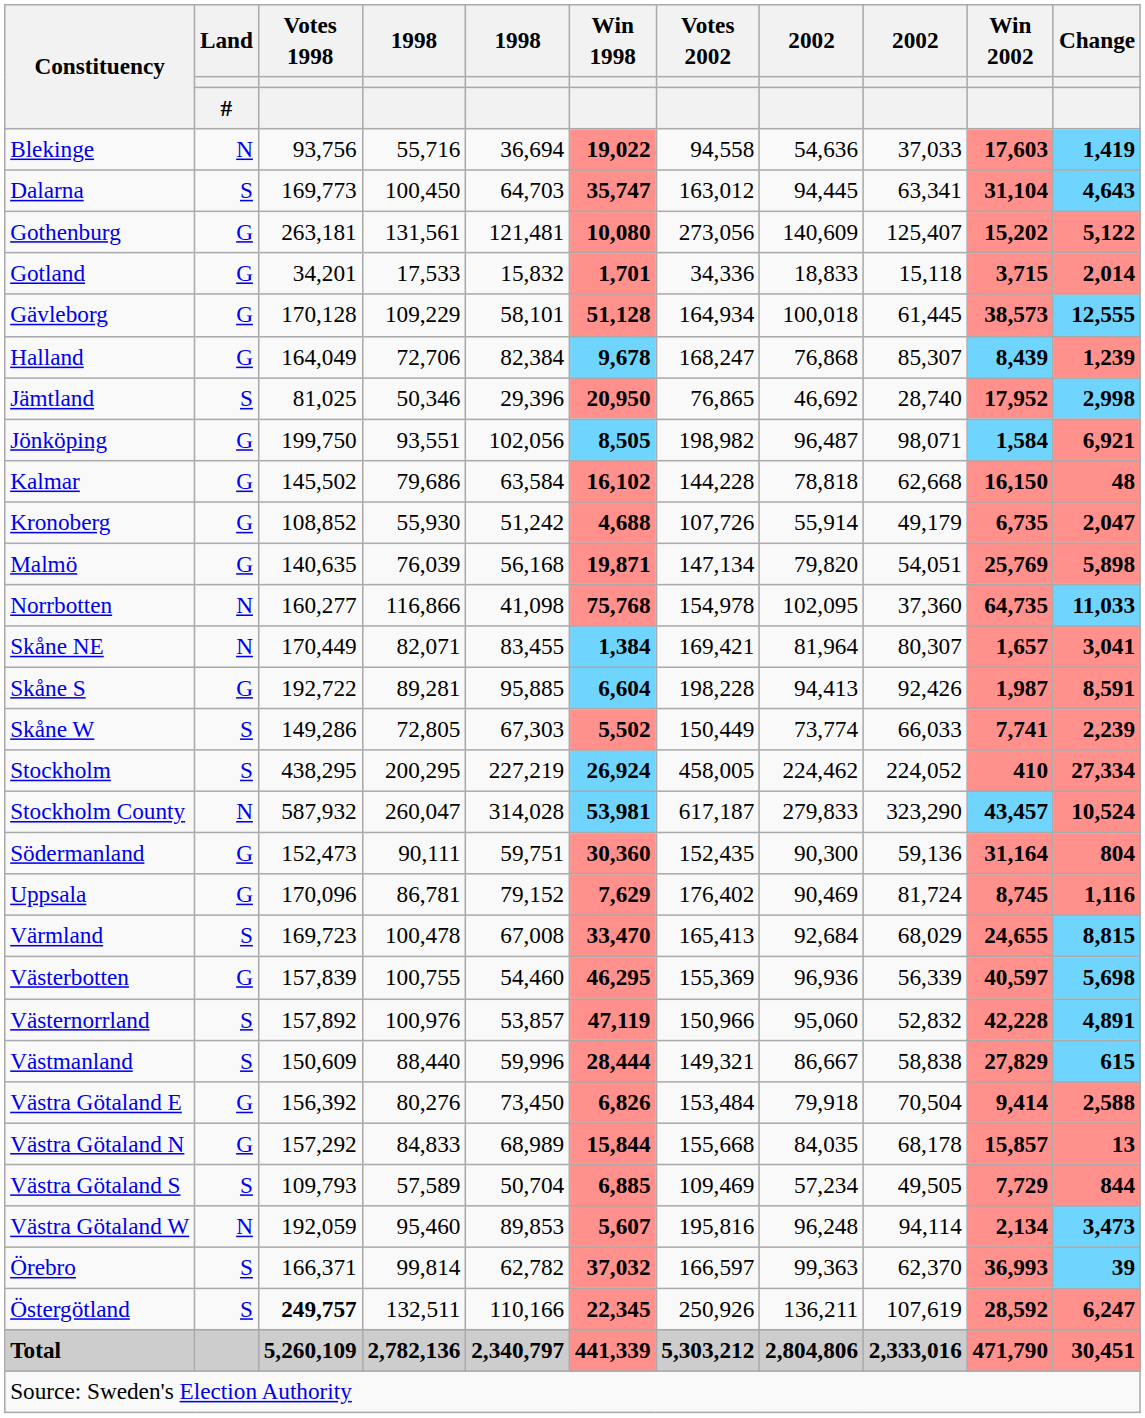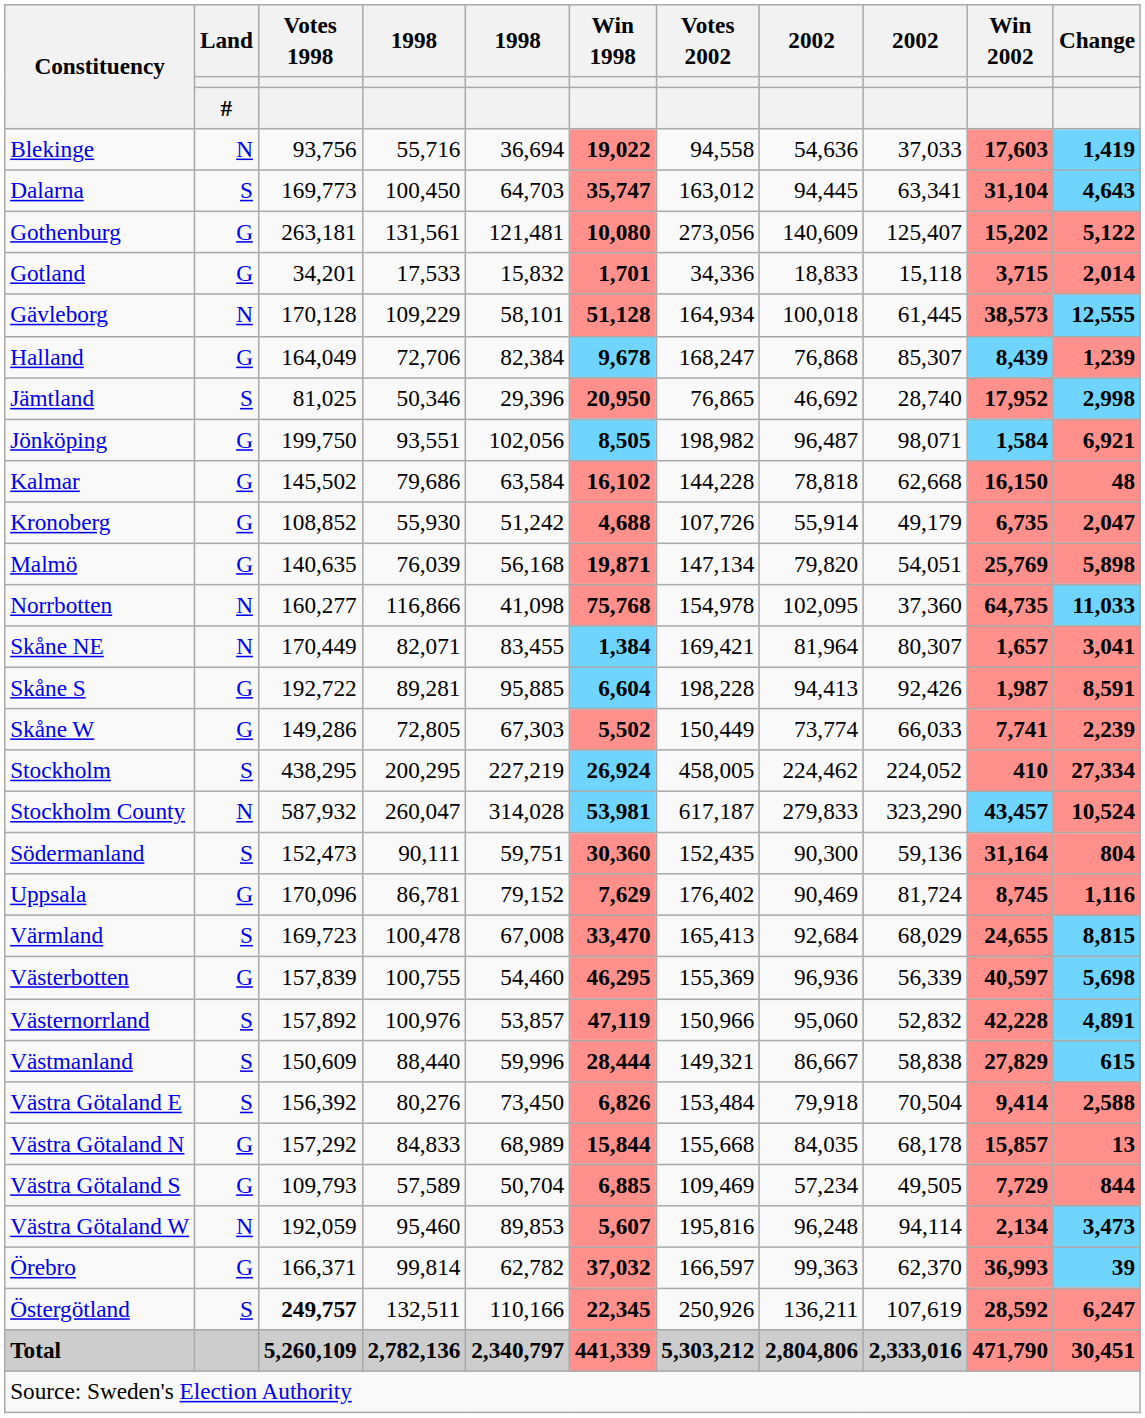 <table class="wikitable sortable" style="text-align:right; font-size:95%; line-height:20px;">
 <tr>
 <th rowspan="3">Constituency</th>
 <th>Land</th>
 <th width="30px" class="unsortable">Votes 1998</th>
 <th> 1998</th>
 <th> 1998</th>
 <th width="30px" class="unsortable">Win 1998</th>
 <th width="30px" class="unsortable">Votes 2002</th>
 <th> 2002</th>
 <th> 2002</th>
 <th width="30px" class="unsortable">Win 2002</th>
 <th width="30px" class="unsortable">Change</th>
 </tr>
 <tr>
 <th></th>
 <th></th>
 <th style="background:"></th>
 <th style="background:"></th>
 <th></th>
 <th></th>
 <th style="background:"></th>
 <th style="background:"></th>
 <th></th>
 <th></th>
 </tr>
 <tr>
 <th data-sort-type="number">#</th>
 <th data-sort-type="number"></th>
 <th data-sort-type="number"></th>
 <th data-sort-type="number"></th>
 <th data-sort-type="number"></th>
 <th data-sort-type="number"></th>
 <th data-sort-type="number"></th>
 <th data-sort-type="number"></th>
 <th data-sort-type="number"></th>
 <th data-sort-type="number"></th>
 </tr>
 <tr>
 <td align="left"><a href='#'>Blekinge</a></td>
 <td><a href='#'>N</a></td>
 <td>93,756</td>
 <td>55,716</td>
 <td>36,694</td>
 <td bgcolor=#ff908c><strong>19,022</strong></td>
 <td>94,558</td>
 <td>54,636</td>
 <td>37,033</td>
 <td bgcolor=#ff908c><strong>17,603</strong></td>
 <td bgcolor=#6fd5fe><strong>1,419</strong></td>
 </tr>
 <tr>
 <td align="left"><a href='#'>Dalarna</a></td>
 <td><a href='#'>S</a></td>
 <td>169,773</td>
 <td>100,450</td>
 <td>64,703</td>
 <td bgcolor=#ff908c><strong>35,747</strong></td>
 <td>163,012</td>
 <td>94,445</td>
 <td>63,341</td>
 <td bgcolor=#ff908c><strong>31,104</strong></td>
 <td bgcolor=#6fd5fe><strong>4,643</strong></td>
 </tr>
 <tr>
 <td align="left"><a href='#'>Gothenburg</a></td>
 <td><a href='#'>G</a></td>
 <td>263,181</td>
 <td>131,561</td>
 <td>121,481</td>
 <td bgcolor=#ff908c><strong>10,080</strong></td>
 <td>273,056</td>
 <td>140,609</td>
 <td>125,407</td>
 <td bgcolor=#ff908c><strong>15,202</strong></td>
 <td bgcolor=#ff908c><strong>5,122</strong></td>
 </tr>
 <tr>
 <td align="left"><a href='#'>Gotland</a></td>
 <td><a href='#'>G</a></td>
 <td>34,201</td>
 <td>17,533</td>
 <td>15,832</td>
 <td bgcolor=#ff908c><strong>1,701</strong></td>
 <td>34,336</td>
 <td>18,833</td>
 <td>15,118</td>
 <td bgcolor=#ff908c><strong>3,715</strong></td>
 <td bgcolor=#ff908c><strong>2,014</strong></td>
 </tr>
 <tr>
 <td align="left"><a href='#'>Gävleborg</a></td>
-<td><a href='#'>G</a></td>
+<td><a href='#'>N</a></td>
 <td>170,128</td>
 <td>109,229</td>
 <td>58,101</td>
 <td bgcolor=#ff908c><strong>51,128</strong></td>
 <td>164,934</td>
 <td>100,018</td>
 <td>61,445</td>
 <td bgcolor=#ff908c><strong>38,573</strong></td>
 <td bgcolor=#6fd5fe><strong>12,555</strong></td>
 </tr>
 <tr>
 <td align="left"><a href='#'>Halland</a></td>
 <td><a href='#'>G</a></td>
 <td>164,049</td>
 <td>72,706</td>
 <td>82,384</td>
 <td bgcolor=#6fd5fe><strong>9,678</strong></td>
 <td>168,247</td>
 <td>76,868</td>
 <td>85,307</td>
 <td bgcolor=#6fd5fe><strong>8,439</strong></td>
 <td bgcolor=#ff908c><strong>1,239</strong></td>
 </tr>
 <tr>
 <td align="left"><a href='#'>Jämtland</a></td>
 <td><a href='#'>S</a></td>
 <td>81,025</td>
 <td>50,346</td>
 <td>29,396</td>
 <td bgcolor=#ff908c><strong>20,950</strong></td>
 <td>76,865</td>
 <td>46,692</td>
 <td>28,740</td>
 <td bgcolor=#ff908c><strong>17,952</strong></td>
 <td bgcolor=#6fd5fe><strong>2,998</strong></td>
 </tr>
 <tr>
 <td align="left"><a href='#'>Jönköping</a></td>
 <td><a href='#'>G</a></td>
 <td>199,750</td>
 <td>93,551</td>
 <td>102,056</td>
 <td bgcolor=#6fd5fe><strong>8,505</strong></td>
 <td>198,982</td>
 <td>96,487</td>
 <td>98,071</td>
 <td bgcolor=#6fd5fe><strong>1,584</strong></td>
 <td bgcolor=#ff908c><strong>6,921</strong></td>
 </tr>
 <tr>
 <td align="left"><a href='#'>Kalmar</a></td>
 <td><a href='#'>G</a></td>
 <td>145,502</td>
 <td>79,686</td>
 <td>63,584</td>
 <td bgcolor=#ff908c><strong>16,102</strong></td>
 <td>144,228</td>
 <td>78,818</td>
 <td>62,668</td>
 <td bgcolor=#ff908c><strong>16,150</strong></td>
 <td bgcolor=#ff908c><strong>48</strong></td>
 </tr>
 <tr>
 <td align="left"><a href='#'>Kronoberg</a></td>
 <td><a href='#'>G</a></td>
 <td>108,852</td>
 <td>55,930</td>
 <td>51,242</td>
 <td bgcolor=#ff908c><strong>4,688</strong></td>
 <td>107,726</td>
 <td>55,914</td>
 <td>49,179</td>
 <td bgcolor=#ff908c><strong>6,735</strong></td>
 <td bgcolor=#ff908c><strong>2,047</strong></td>
 </tr>
 <tr>
 <td align="left"><a href='#'>Malmö</a></td>
 <td><a href='#'>G</a></td>
 <td>140,635</td>
 <td>76,039</td>
 <td>56,168</td>
 <td bgcolor=#ff908c><strong>19,871</strong></td>
 <td>147,134</td>
 <td>79,820</td>
 <td>54,051</td>
 <td bgcolor=#ff908c><strong>25,769</strong></td>
 <td bgcolor=#ff908c><strong>5,898</strong></td>
 </tr>
 <tr>
 <td align="left"><a href='#'>Norrbotten</a></td>
 <td><a href='#'>N</a></td>
 <td>160,277</td>
 <td>116,866</td>
 <td>41,098</td>
 <td bgcolor=#ff908c><strong>75,768</strong></td>
 <td>154,978</td>
 <td>102,095</td>
 <td>37,360</td>
 <td bgcolor=#ff908c><strong>64,735</strong></td>
 <td bgcolor=#6fd5fe><strong>11,033</strong></td>
 </tr>
 <tr>
 <td align="left"><a href='#'>Skåne NE</a></td>
 <td><a href='#'>N</a></td>
 <td>170,449</td>
 <td>82,071</td>
 <td>83,455</td>
 <td bgcolor=#6fd5fe><strong>1,384</strong></td>
 <td>169,421</td>
 <td>81,964</td>
 <td>80,307</td>
 <td bgcolor=#ff908c><strong>1,657</strong></td>
 <td bgcolor=#ff908c><strong>3,041</strong></td>
 </tr>
 <tr>
 <td align="left"><a href='#'>Skåne S</a></td>
 <td><a href='#'>G</a></td>
 <td>192,722</td>
 <td>89,281</td>
 <td>95,885</td>
 <td bgcolor=#6fd5fe><strong>6,604</strong></td>
 <td>198,228</td>
 <td>94,413</td>
 <td>92,426</td>
 <td bgcolor=#ff908c><strong>1,987</strong></td>
 <td bgcolor=#ff908c><strong>8,591</strong></td>
 </tr>
 <tr>
 <td align="left"><a href='#'>Skåne W</a></td>
-<td><a href='#'>S</a></td>
+<td><a href='#'>G</a></td>
 <td>149,286</td>
 <td>72,805</td>
 <td>67,303</td>
 <td bgcolor=#ff908c><strong>5,502</strong></td>
 <td>150,449</td>
 <td>73,774</td>
 <td>66,033</td>
 <td bgcolor=#ff908c><strong>7,741</strong></td>
 <td bgcolor=#ff908c><strong>2,239</strong></td>
 </tr>
 <tr>
 <td align="left"><a href='#'>Stockholm</a></td>
 <td><a href='#'>S</a></td>
 <td>438,295</td>
 <td>200,295</td>
 <td>227,219</td>
 <td bgcolor=#6fd5fe><strong>26,924</strong></td>
 <td>458,005</td>
 <td>224,462</td>
 <td>224,052</td>
 <td bgcolor=#ff908c><strong>410</strong></td>
 <td bgcolor=#ff908c><strong>27,334</strong></td>
 </tr>
 <tr>
 <td align="left"><a href='#'>Stockholm County</a></td>
 <td><a href='#'>N</a></td>
 <td>587,932</td>
 <td>260,047</td>
 <td>314,028</td>
 <td bgcolor=#6fd5fe><strong>53,981</strong></td>
 <td>617,187</td>
 <td>279,833</td>
 <td>323,290</td>
 <td bgcolor=#6fd5fe><strong>43,457</strong></td>
 <td bgcolor=#ff908c><strong>10,524</strong></td>
 </tr>
 <tr>
 <td align="left"><a href='#'>Södermanland</a></td>
-<td><a href='#'>G</a></td>
+<td><a href='#'>S</a></td>
 <td>152,473</td>
 <td>90,111</td>
 <td>59,751</td>
 <td bgcolor=#ff908c><strong>30,360</strong></td>
 <td>152,435</td>
 <td>90,300</td>
 <td>59,136</td>
 <td bgcolor=#ff908c><strong>31,164</strong></td>
 <td bgcolor=#ff908c><strong>804</strong></td>
 </tr>
 <tr>
 <td align="left"><a href='#'>Uppsala</a></td>
 <td><a href='#'>G</a></td>
 <td>170,096</td>
 <td>86,781</td>
 <td>79,152</td>
 <td bgcolor=#ff908c><strong>7,629</strong></td>
 <td>176,402</td>
 <td>90,469</td>
 <td>81,724</td>
 <td bgcolor=#ff908c><strong>8,745</strong></td>
 <td bgcolor=#ff908c><strong>1,116</strong></td>
 </tr>
 <tr>
 <td align="left"><a href='#'>Värmland</a></td>
 <td><a href='#'>S</a></td>
 <td>169,723</td>
 <td>100,478</td>
 <td>67,008</td>
 <td bgcolor=#ff908c><strong>33,470</strong></td>
 <td>165,413</td>
 <td>92,684</td>
 <td>68,029</td>
 <td bgcolor=#ff908c><strong>24,655</strong></td>
 <td bgcolor=#6fd5fe><strong>8,815</strong></td>
 </tr>
 <tr>
 <td align="left"><a href='#'>Västerbotten</a></td>
 <td><a href='#'>G</a></td>
 <td>157,839</td>
 <td>100,755</td>
 <td>54,460</td>
 <td bgcolor=#ff908c><strong>46,295</strong></td>
 <td>155,369</td>
 <td>96,936</td>
 <td>56,339</td>
 <td bgcolor=#ff908c><strong>40,597</strong></td>
 <td bgcolor=#6fd5fe><strong>5,698</strong></td>
 </tr>
 <tr>
 <td align="left"><a href='#'>Västernorrland</a></td>
 <td><a href='#'>S</a></td>
 <td>157,892</td>
 <td>100,976</td>
 <td>53,857</td>
 <td bgcolor=#ff908c><strong>47,119</strong></td>
 <td>150,966</td>
 <td>95,060</td>
 <td>52,832</td>
 <td bgcolor=#ff908c><strong>42,228</strong></td>
 <td bgcolor=#6fd5fe><strong>4,891</strong></td>
 </tr>
 <tr>
 <td align="left"><a href='#'>Västmanland</a></td>
 <td><a href='#'>S</a></td>
 <td>150,609</td>
 <td>88,440</td>
 <td>59,996</td>
 <td bgcolor=#ff908c><strong>28,444</strong></td>
 <td>149,321</td>
 <td>86,667</td>
 <td>58,838</td>
 <td bgcolor=#ff908c><strong>27,829</strong></td>
 <td bgcolor=#6fd5fe><strong>615</strong></td>
 </tr>
 <tr>
 <td align="left"><a href='#'>Västra Götaland E</a></td>
-<td><a href='#'>G</a></td>
+<td><a href='#'>S</a></td>
 <td>156,392</td>
 <td>80,276</td>
 <td>73,450</td>
 <td bgcolor=#ff908c><strong>6,826</strong></td>
 <td>153,484</td>
 <td>79,918</td>
 <td>70,504</td>
 <td bgcolor=#ff908c><strong>9,414</strong></td>
 <td bgcolor=#ff908c><strong>2,588</strong></td>
 </tr>
 <tr>
 <td align="left"><a href='#'>Västra Götaland N</a></td>
 <td><a href='#'>G</a></td>
 <td>157,292</td>
 <td>84,833</td>
 <td>68,989</td>
 <td bgcolor=#ff908c><strong>15,844</strong></td>
 <td>155,668</td>
 <td>84,035</td>
 <td>68,178</td>
 <td bgcolor=#ff908c><strong>15,857</strong></td>
 <td bgcolor=#ff908c><strong>13</strong></td>
 </tr>
 <tr>
 <td align="left"><a href='#'>Västra Götaland S</a></td>
-<td><a href='#'>S</a></td>
+<td><a href='#'>G</a></td>
 <td>109,793</td>
 <td>57,589</td>
 <td>50,704</td>
 <td bgcolor=#ff908c><strong>6,885</strong></td>
 <td>109,469</td>
 <td>57,234</td>
 <td>49,505</td>
 <td bgcolor=#ff908c><strong>7,729</strong></td>
 <td bgcolor=#ff908c><strong>844</strong></td>
 </tr>
 <tr>
 <td align="left"><a href='#'>Västra Götaland W</a></td>
 <td><a href='#'>N</a></td>
 <td>192,059</td>
 <td>95,460</td>
 <td>89,853</td>
 <td bgcolor=#ff908c><strong>5,607</strong></td>
 <td>195,816</td>
 <td>96,248</td>
 <td>94,114</td>
 <td bgcolor=#ff908c><strong>2,134</strong></td>
 <td bgcolor=#6fd5fe><strong>3,473</strong></td>
 </tr>
 <tr>
 <td align="left"><a href='#'>Örebro</a></td>
-<td><a href='#'>S</a></td>
+<td><a href='#'>G</a></td>
 <td>166,371</td>
 <td>99,814</td>
 <td>62,782</td>
 <td bgcolor=#ff908c><strong>37,032</strong></td>
 <td>166,597</td>
 <td>99,363</td>
 <td>62,370</td>
 <td bgcolor=#ff908c><strong>36,993</strong></td>
 <td bgcolor=#6fd5fe><strong>39</strong></td>
 </tr>
 <tr>
 <td align="left"><a href='#'>Östergötland</a></td>
 <td><a href='#'>S</a></td>
 <td><strong>249,757</strong></td>
 <td>132,511</td>
 <td>110,166</td>
 <td bgcolor=#ff908c><strong>22,345</strong></td>
 <td>250,926</td>
 <td>136,211</td>
 <td>107,619</td>
 <td bgcolor=#ff908c><strong>28,592</strong></td>
 <td bgcolor=#ff908c><strong>6,247</strong></td>
 </tr>
 <tr>
 </tr>
 <tr style="background:#CDCDCD;">
 <td align="left"><strong>Total</strong></td>
 <td></td>
 <td><strong>5,260,109</strong></td>
 <td><strong>2,782,136</strong></td>
 <td><strong>2,340,797</strong></td>
 <td bgcolor=#ff908c><strong>441,339</strong></td>
 <td><strong>5,303,212</strong></td>
 <td><strong>2,804,806</strong></td>
 <td><strong>2,333,016</strong></td>
 <td bgcolor=#ff908c><strong>471,790</strong></td>
 <td bgcolor=#ff908c><strong>30,451</strong></td>
 </tr>
 <tr>
 <td colspan="11" align="left">Source: Sweden's <a href='#'>Election Authority</a></td>
 </tr>
 </table>
